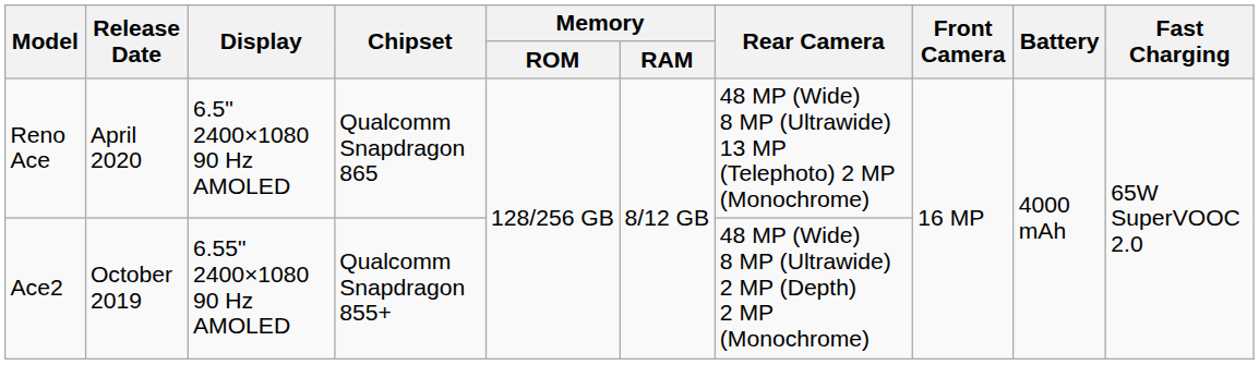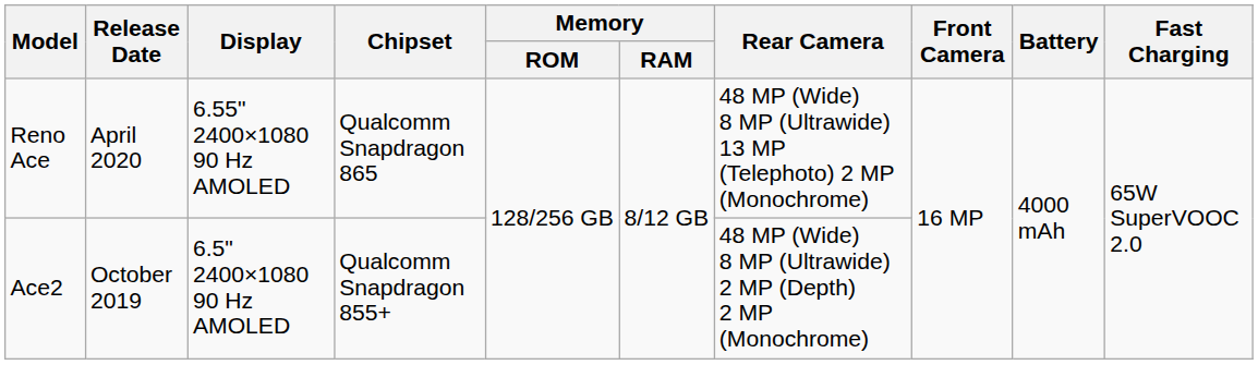 <table class="wikitable sortable">
 <tr>
 <th rowspan="2">Model</th>
 <th rowspan="2">Release Date</th>
 <th rowspan="2">Display</th>
 <th rowspan="2">Chipset</th>
 <th colspan="2">Memory</th>
 <th rowspan="2">Rear Camera</th>
 <th rowspan="2">Front Camera</th>
 <th rowspan="2">Battery</th>
 <th rowspan="2">Fast Charging</th>
 </tr>
 <tr>
 <th>ROM</th>
 <th>RAM</th>
 </tr>
 <tr>
 <td>Reno Ace</td>
 <td>April 2020</td>
-<td>6.5" 2400×1080 90 Hz AMOLED</td>
+<td>6.55" 2400×1080 90 Hz AMOLED</td>
 <td>Qualcomm Snapdragon 865</td>
 <td rowspan="2">128/256 GB</td>
 <td rowspan="2">8/12 GB</td>
 <td>48 MP (Wide)<br>8 MP (Ultrawide) 13 MP (Telephoto) 2 MP (Monochrome)</td>
 <td rowspan="2">16 MP</td>
 <td rowspan="2">4000 mAh</td>
 <td rowspan="2">65W SuperVOOC 2.0</td>
 </tr>
 <tr>
 <td>Ace2</td>
 <td>October 2019</td>
-<td>6.55" 2400×1080 90 Hz AMOLED</td>
+<td>6.5" 2400×1080 90 Hz AMOLED</td>
 <td>Qualcomm Snapdragon 855+</td>
 <td>48 MP (Wide)<br>8 MP (Ultrawide) 2 MP (Depth) 2 MP (Monochrome)</td>
 </tr>
 </table>
